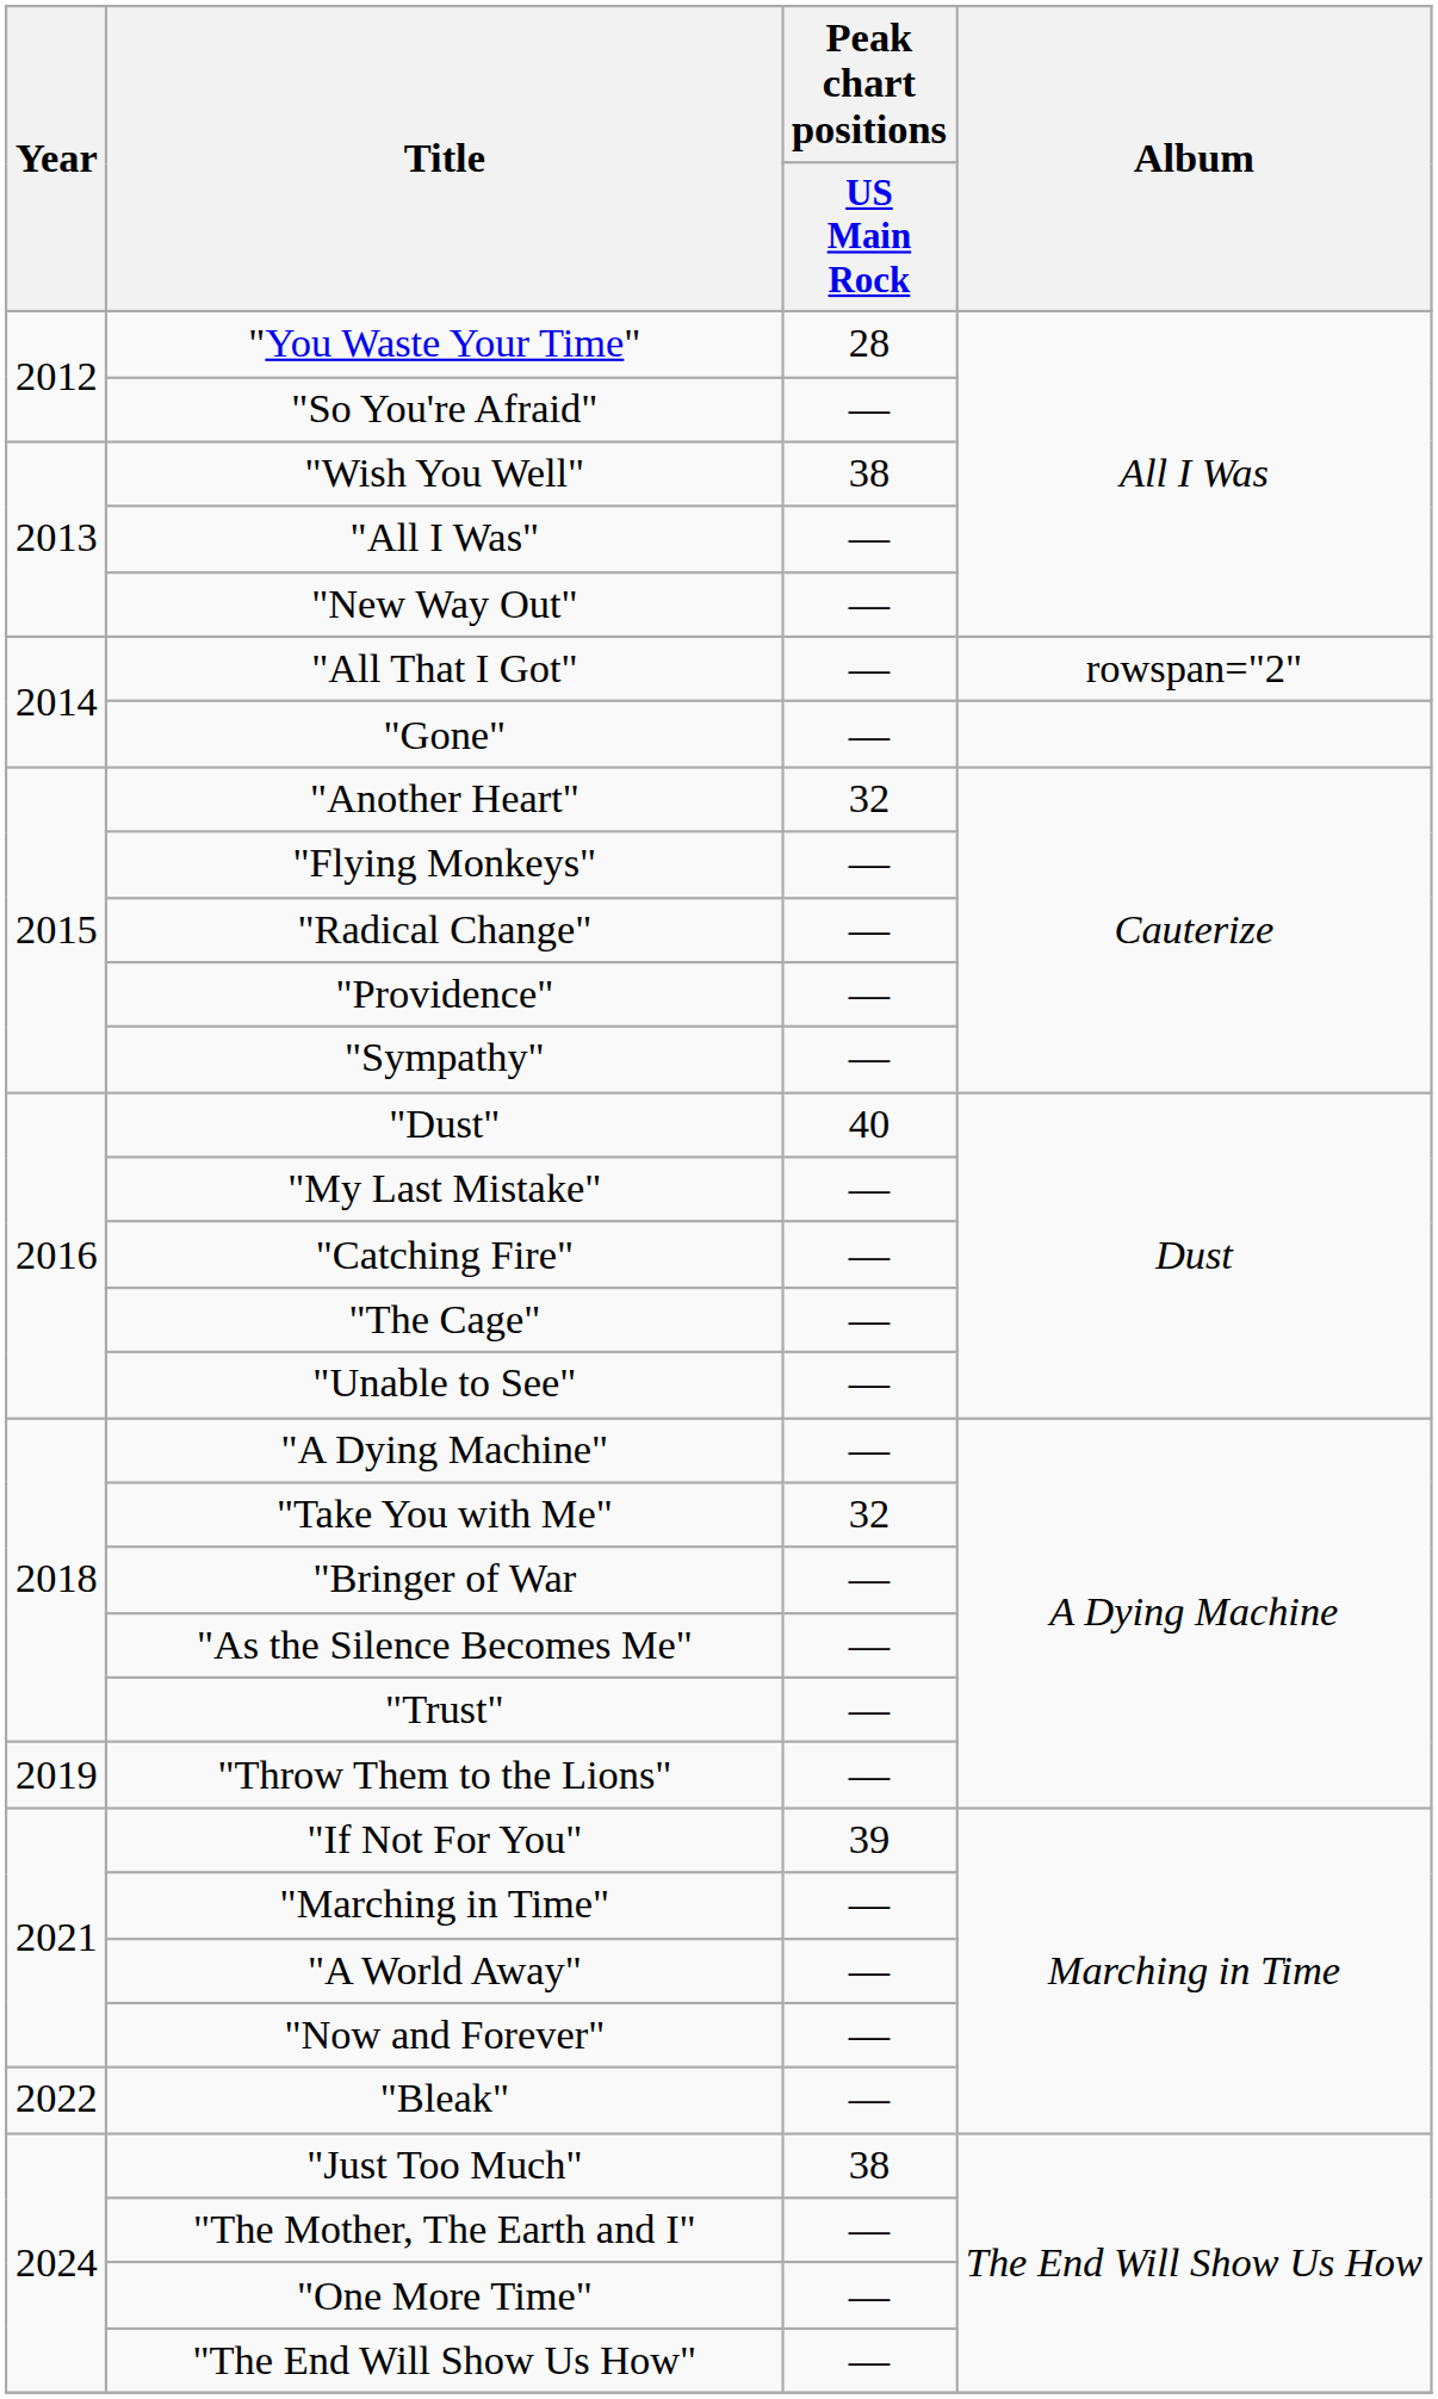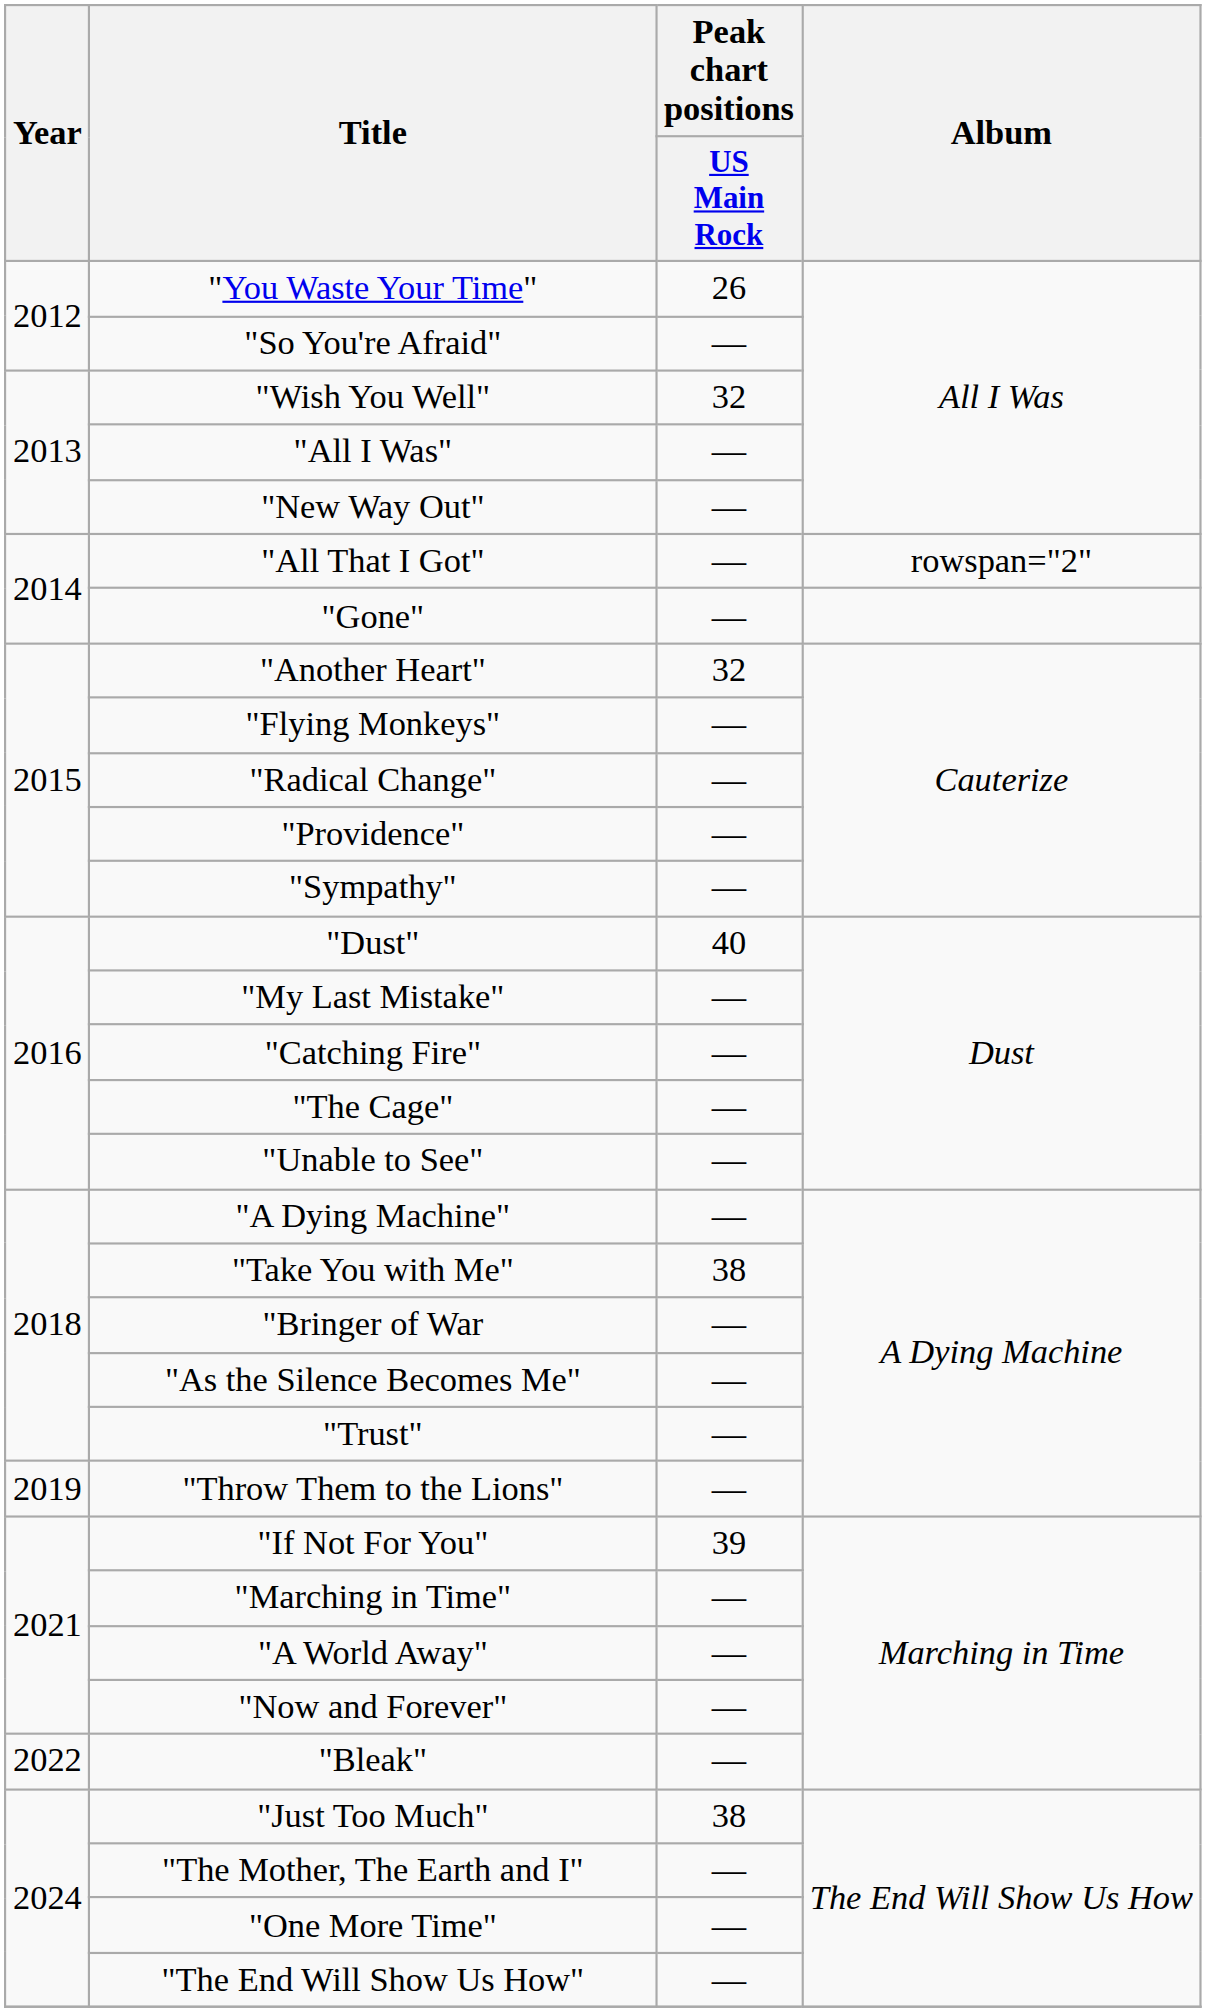 <table class="wikitable plainrowheaders" style="text-align:center;">
 <tr>
 <th scope="col" rowspan="2">Year</th>
 <th scope="col" rowspan="2" style="width:16em;">Title</th>
 <th scope="col">Peak chart positions</th>
 <th scope="col" rowspan="2">Album</th>
 </tr>
 <tr>
 <th scope="col" style="width:3em;font-size:90%;"><a href='#'>US<br>Main Rock</a><br></th>
 </tr>
 <tr>
 <td rowspan="2">2012</td>
 <td>"<a href='#'>You Waste Your Time</a>"</td>
-<td>28</td>
+<td>26</td>
 <td rowspan="5"><em>All I Was</em></td>
 </tr>
 <tr>
 <td>"So You're Afraid"</td>
 <td>—</td>
 </tr>
 <tr>
 <td rowspan="3">2013</td>
 <td>"Wish You Well"</td>
-<td>38</td>
+<td>32</td>
 </tr>
 <tr>
 <td>"All I Was"</td>
 <td>—</td>
 </tr>
 <tr>
 <td>"New Way Out"</td>
 <td>—</td>
 </tr>
 <tr>
 <td rowspan="2">2014</td>
 <td>"All That I Got"</td>
 <td>—</td>
 <td>rowspan="2" </td>
 </tr>
 <tr>
 <td>"Gone"</td>
 <td>—</td>
 </tr>
 <tr>
 <td rowspan="5">2015</td>
 <td>"Another Heart"</td>
 <td>32</td>
 <td rowspan="5"><em>Cauterize</em></td>
 </tr>
 <tr>
 <td>"Flying Monkeys"</td>
 <td>—</td>
 </tr>
 <tr>
 <td>"Radical Change"</td>
 <td>—</td>
 </tr>
 <tr>
 <td>"Providence"</td>
 <td>—</td>
 </tr>
 <tr>
 <td>"Sympathy"</td>
 <td>—</td>
 </tr>
 <tr>
 <td rowspan="5">2016</td>
 <td>"Dust"</td>
 <td>40</td>
 <td rowspan="5"><em>Dust</em></td>
 </tr>
 <tr>
 <td>"My Last Mistake"</td>
 <td>—</td>
 </tr>
 <tr>
 <td>"Catching Fire"</td>
 <td>—</td>
 </tr>
 <tr>
 <td>"The Cage"</td>
 <td>—</td>
 </tr>
 <tr>
 <td>"Unable to See"</td>
 <td>—</td>
 </tr>
 <tr>
 <td rowspan="5">2018</td>
 <td>"A Dying Machine"</td>
 <td>—</td>
 <td rowspan="6"><em>A Dying Machine</em></td>
 </tr>
 <tr>
 <td>"Take You with Me"</td>
-<td>32</td>
+<td>38</td>
 </tr>
 <tr>
 <td>"Bringer of War</td>
 <td>—</td>
 </tr>
 <tr>
 <td>"As the Silence Becomes Me"</td>
 <td>—</td>
 </tr>
 <tr>
 <td>"Trust"</td>
 <td>—</td>
 </tr>
 <tr>
 <td>2019</td>
 <td>"Throw Them to the Lions"</td>
 <td>—</td>
 </tr>
 <tr>
 <td rowspan="4">2021</td>
 <td>"If Not For You"</td>
 <td>39</td>
 <td rowspan="5"><em>Marching in Time</em></td>
 </tr>
 <tr>
 <td>"Marching in Time"</td>
 <td>—</td>
 </tr>
 <tr>
 <td>"A World Away"</td>
 <td>—</td>
 </tr>
 <tr>
 <td>"Now and Forever"</td>
 <td>—</td>
 </tr>
 <tr>
 <td>2022</td>
 <td>"Bleak"</td>
 <td>—</td>
 </tr>
 <tr>
 <td rowspan="4">2024</td>
 <td>"Just Too Much"</td>
 <td>38</td>
 <td rowspan="4"><em>The End Will Show Us How</em></td>
 </tr>
 <tr>
 <td>"The Mother, The Earth and I"</td>
 <td>—</td>
 </tr>
 <tr>
 <td>"One More Time"</td>
 <td>—</td>
 </tr>
 <tr>
 <td>"The End Will Show Us How"</td>
 <td>—</td>
 </tr>
 <tr>
 </tr>
 </table>
